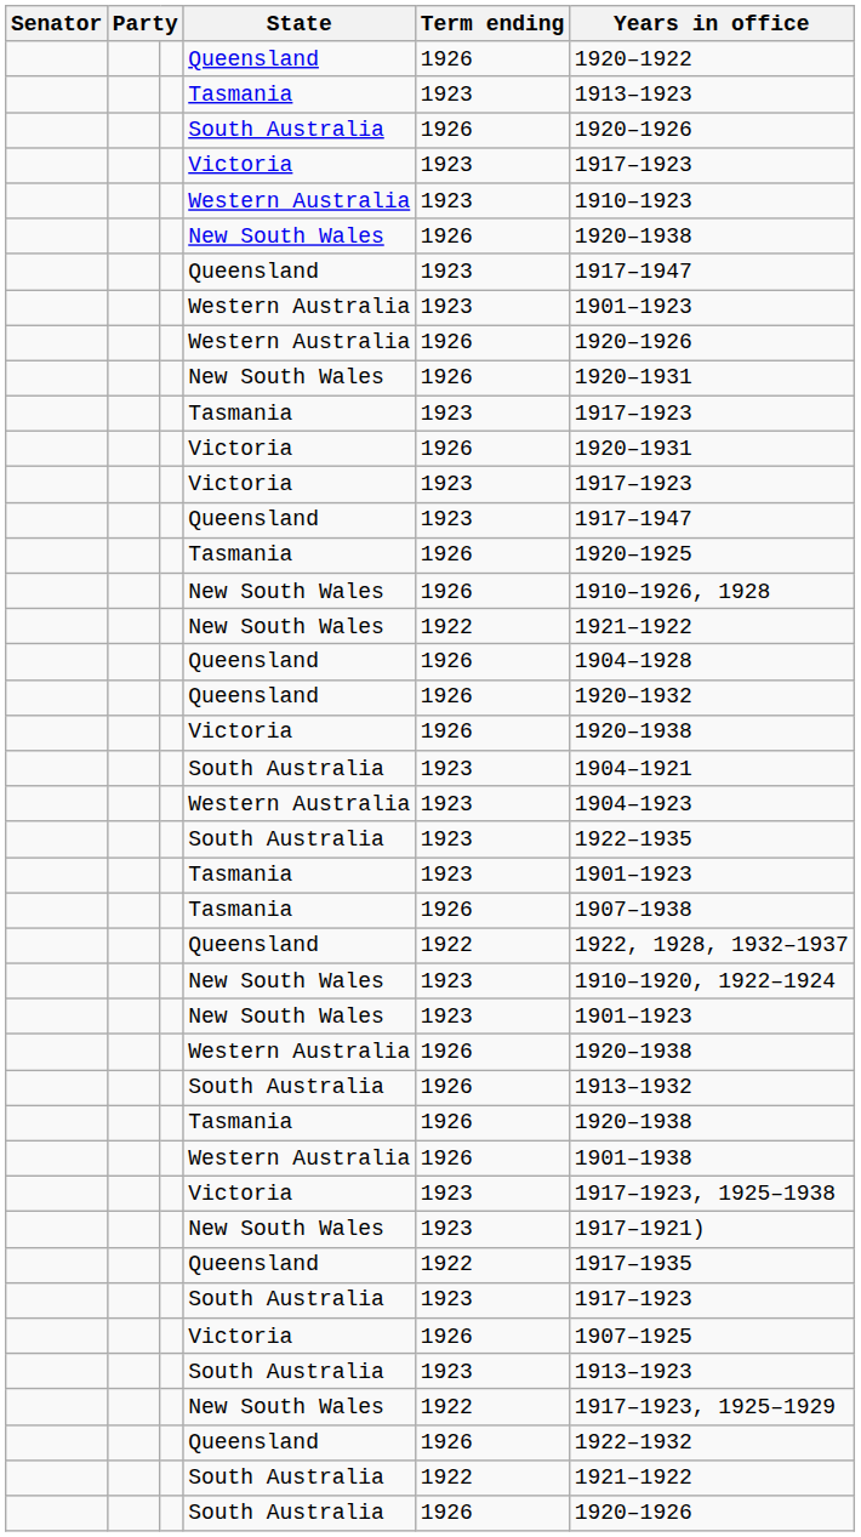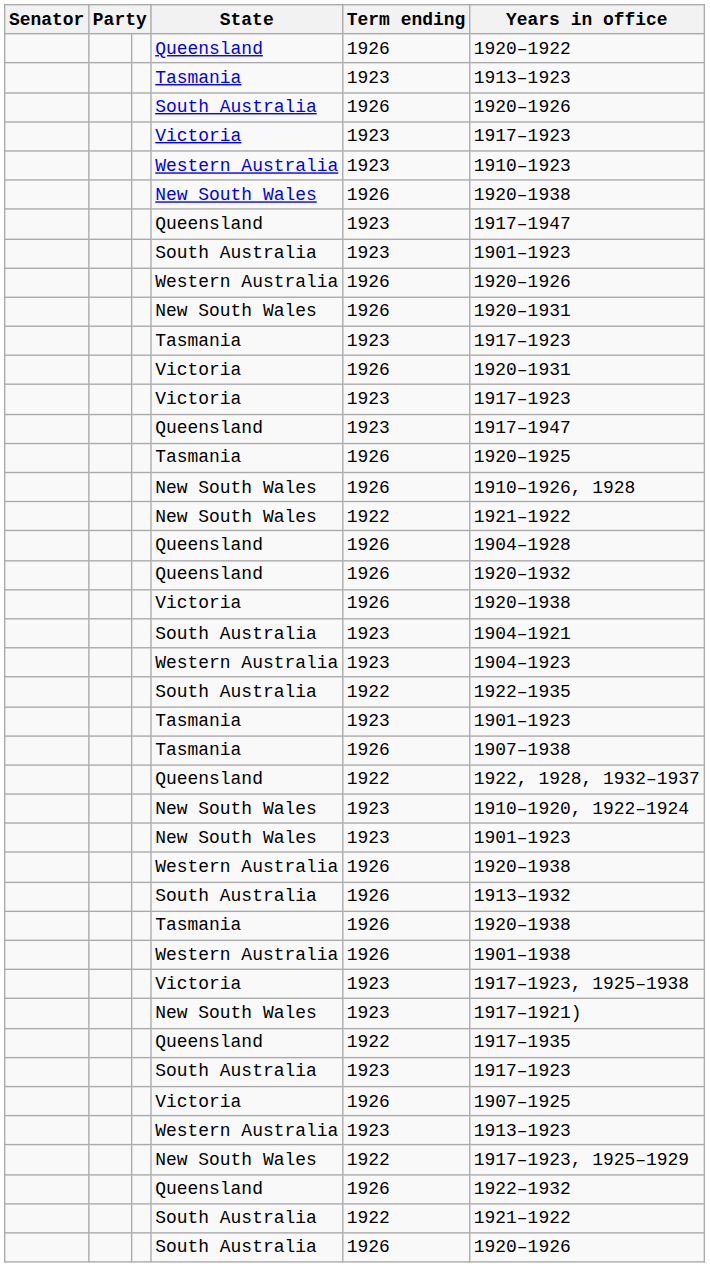 <table class="wikitable sortable">
 <tr>
 <th>Senator</th>
 <th colspan=2>Party</th>
 <th>State</th>
 <th>Term ending</th>
 <th>Years in office</th>
 </tr>
 <tr>
 <td> </td>
 <td> </td>
 <td></td>
 <td><a href='#'>Queensland</a></td>
 <td>1926</td>
 <td>1920–1922</td>
 </tr>
 <tr>
 <td></td>
 <td> </td>
 <td></td>
 <td><a href='#'>Tasmania</a></td>
 <td>1923</td>
 <td>1913–1923</td>
 </tr>
 <tr>
 <td></td>
 <td> </td>
 <td></td>
 <td><a href='#'>South Australia</a></td>
 <td>1926</td>
 <td>1920–1926</td>
 </tr>
 <tr>
 <td></td>
 <td> </td>
 <td></td>
 <td><a href='#'>Victoria</a></td>
 <td>1923</td>
 <td>1917–1923</td>
 </tr>
 <tr>
 <td></td>
 <td> </td>
 <td></td>
 <td><a href='#'>Western Australia</a></td>
 <td>1923</td>
 <td>1910–1923</td>
 </tr>
 <tr>
 <td></td>
 <td> </td>
 <td></td>
 <td><a href='#'>New South Wales</a></td>
 <td>1926</td>
 <td>1920–1938</td>
 </tr>
 <tr>
 <td></td>
 <td> </td>
 <td></td>
 <td>Queensland</td>
 <td>1923</td>
 <td>1917–1947</td>
 </tr>
 <tr>
 <td></td>
 <td> </td>
 <td></td>
-<td>Western Australia</td>
+<td>South Australia</td>
 <td>1923</td>
 <td>1901–1923</td>
 </tr>
 <tr>
 <td></td>
 <td> </td>
 <td></td>
 <td>Western Australia</td>
 <td>1926</td>
 <td>1920–1926</td>
 </tr>
 <tr>
 <td></td>
 <td> </td>
 <td></td>
 <td>New South Wales</td>
 <td>1926</td>
 <td>1920–1931</td>
 </tr>
 <tr>
 <td></td>
 <td> </td>
 <td></td>
 <td>Tasmania</td>
 <td>1923</td>
 <td>1917–1923</td>
 </tr>
 <tr>
 <td></td>
 <td> </td>
 <td></td>
 <td>Victoria</td>
 <td>1926</td>
 <td>1920–1931</td>
 </tr>
 <tr>
 <td></td>
 <td> </td>
 <td></td>
 <td>Victoria</td>
 <td>1923</td>
 <td>1917–1923</td>
 </tr>
 <tr>
 <td></td>
 <td> </td>
 <td></td>
 <td>Queensland</td>
 <td>1923</td>
 <td>1917–1947</td>
 </tr>
 <tr>
 <td></td>
 <td> </td>
 <td></td>
 <td>Tasmania</td>
 <td>1926</td>
 <td>1920–1925</td>
 </tr>
 <tr>
 <td></td>
 <td> </td>
 <td></td>
 <td>New South Wales</td>
 <td>1926</td>
 <td>1910–1926, 1928</td>
 </tr>
 <tr>
 <td> </td>
 <td> </td>
 <td></td>
 <td>New South Wales</td>
 <td>1922 </td>
 <td>1921–1922</td>
 </tr>
 <tr>
 <td></td>
 <td> </td>
 <td></td>
 <td>Queensland</td>
 <td>1926</td>
 <td>1904–1928</td>
 </tr>
 <tr>
 <td></td>
 <td> </td>
 <td></td>
 <td>Queensland</td>
 <td>1926</td>
 <td>1920–1932</td>
 </tr>
 <tr>
 <td></td>
 <td> </td>
 <td></td>
 <td>Victoria</td>
 <td>1926</td>
 <td>1920–1938</td>
 </tr>
 <tr>
 <td> </td>
 <td> </td>
 <td></td>
 <td>South Australia</td>
 <td>1923</td>
 <td>1904–1921</td>
 </tr>
 <tr>
 <td></td>
 <td> </td>
 <td></td>
 <td>Western Australia</td>
 <td>1923</td>
 <td>1904–1923</td>
 </tr>
 <tr>
 <td></td>
 <td> </td>
 <td></td>
 <td>South Australia</td>
-<td>1923 </td>
+<td>1922 </td>
 <td>1922–1935</td>
 </tr>
 <tr>
 <td></td>
 <td> </td>
 <td></td>
 <td>Tasmania</td>
 <td>1923</td>
 <td>1901–1923</td>
 </tr>
 <tr>
 <td></td>
 <td> </td>
 <td></td>
 <td>Tasmania</td>
 <td>1926</td>
 <td>1907–1938</td>
 </tr>
 <tr>
 <td> </td>
 <td> </td>
 <td></td>
 <td>Queensland</td>
 <td>1922 </td>
 <td>1922, 1928, 1932–1937</td>
 </tr>
 <tr>
 <td></td>
 <td> </td>
 <td></td>
 <td>New South Wales</td>
 <td>1923 </td>
 <td>1910–1920, 1922–1924</td>
 </tr>
 <tr>
 <td></td>
 <td> </td>
 <td></td>
 <td>New South Wales</td>
 <td>1923</td>
 <td>1901–1923</td>
 </tr>
 <tr>
 <td></td>
 <td> </td>
 <td></td>
 <td>Western Australia</td>
 <td>1926</td>
 <td>1920–1938</td>
 </tr>
 <tr>
 <td></td>
 <td> </td>
 <td></td>
 <td>South Australia</td>
 <td>1926</td>
 <td>1913–1932</td>
 </tr>
 <tr>
 <td></td>
 <td> </td>
 <td></td>
 <td>Tasmania</td>
 <td>1926</td>
 <td>1920–1938</td>
 </tr>
 <tr>
 <td></td>
 <td> </td>
 <td></td>
 <td>Western Australia</td>
 <td>1926</td>
 <td>1901–1938</td>
 </tr>
 <tr>
 <td></td>
 <td> </td>
 <td></td>
 <td>Victoria</td>
 <td>1923</td>
 <td>1917–1923, 1925–1938</td>
 </tr>
 <tr>
 <td> </td>
 <td> </td>
 <td></td>
 <td>New South Wales</td>
 <td>1923</td>
 <td>1917–1921)</td>
 </tr>
 <tr>
 <td></td>
 <td> </td>
 <td></td>
 <td>Queensland</td>
 <td>1922</td>
 <td>1917–1935</td>
 </tr>
 <tr>
 <td></td>
 <td> </td>
 <td></td>
 <td>South Australia</td>
 <td>1923</td>
 <td>1917–1923</td>
 </tr>
 <tr>
 <td></td>
 <td> </td>
 <td></td>
 <td>Victoria</td>
 <td>1926</td>
 <td>1907–1925</td>
 </tr>
 <tr>
 <td></td>
 <td> </td>
 <td></td>
-<td>South Australia</td>
+<td>Western Australia</td>
 <td>1923</td>
 <td>1913–1923</td>
 </tr>
 <tr>
 <td></td>
 <td> </td>
 <td></td>
 <td>New South Wales</td>
 <td>1922</td>
 <td>1917–1923, 1925–1929</td>
 </tr>
 <tr>
 <td></td>
 <td> </td>
 <td></td>
 <td>Queensland</td>
 <td>1926 </td>
 <td>1922–1932</td>
 </tr>
 <tr>
 <td> </td>
 <td> </td>
 <td></td>
 <td>South Australia</td>
 <td>1922 </td>
 <td>1921–1922</td>
 </tr>
 <tr>
 <td></td>
 <td> </td>
 <td></td>
 <td>South Australia</td>
 <td>1926</td>
 <td>1920–1926</td>
 </tr>
 </table>
